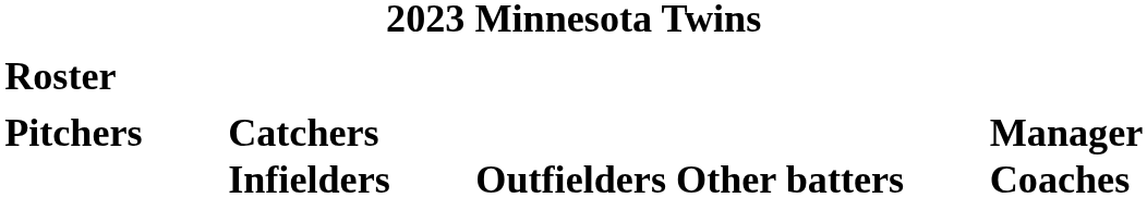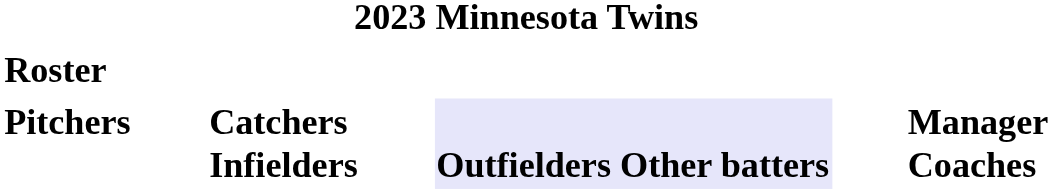 <table class="toccolours" style="font-size: 95%;">
 <tr>
 <th colspan="10">2023 Minnesota Twins</th>
 </tr>
 <tr>
 <td colspan="10"><strong>Roster</strong></td>
 </tr>
 <tr>
 <td valign="top"><strong>Pitchers</strong><br>                          </td>
 <td style="width:25px;"></td>
 <td valign="top"><strong>Catchers</strong><br>  <strong>Infielders</strong>        </td>
 <td style="width:25px;"></td>
-<td valign="top"><br><strong>Outfielders</strong>           <strong>Other batters</strong> </td>
+<td valign="top" style="background: lavender;"><br><strong>Outfielders</strong>           <strong>Other batters</strong> </td>
 <td style="width:25px;"></td>
 <td valign="top"><strong>Manager</strong><br> <strong>Coaches</strong>                          </td>
 </tr>
 </table>
